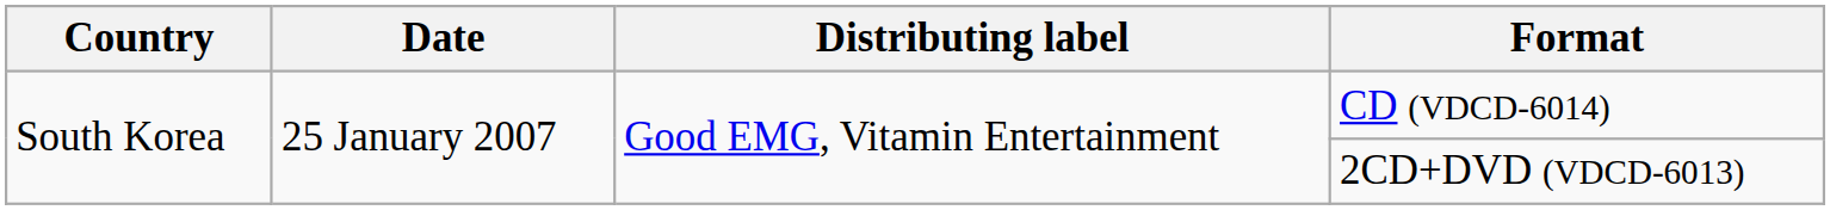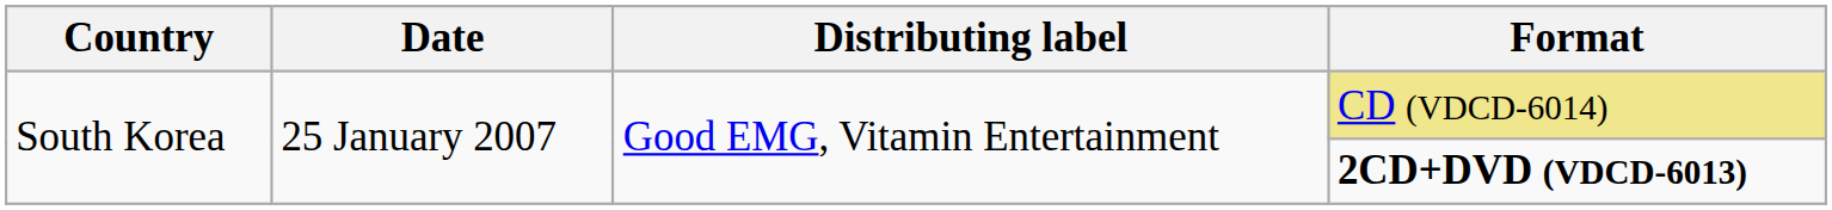 <table class="wikitable" style="width:700px">
 <tr>
 <th>Country</th>
 <th>Date</th>
 <th>Distributing label</th>
 <th>Format</th>
 </tr>
 <tr>
 <td rowspan=2>South Korea</td>
 <td rowspan=2>25 January 2007</td>
 <td rowspan=2><a href='#'>Good EMG</a>, Vitamin Entertainment</td>
-<td><a href='#'>CD</a> <small>(VDCD-6014)</small></td>
+<td style="background: khaki;"><a href='#'>CD</a> <small>(VDCD-6014)</small></td>
 </tr>
 <tr>
-<td>2CD+DVD <small>(VDCD-6013)</small></td>
+<td><strong>2CD+DVD <small>(VDCD-6013)</small></strong></td>
 </tr>
 </table>
